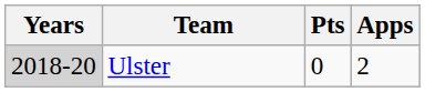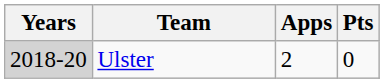 <table class="wikitable" style="text-align:left;">
 <tr>
 <th>Years</th>
 <th width=120px>Team</th>
+<th>Apps</th>
 <th>Pts</th>
-<th>Apps</th>
 </tr>
 <tr>
 <td style="background: lightgrey;">2018-20</td>
 <td><a href='#'>Ulster</a></td>
+<td>2</td>
 <td>0</td>
-<td>2</td>
 </tr>
 </table>
